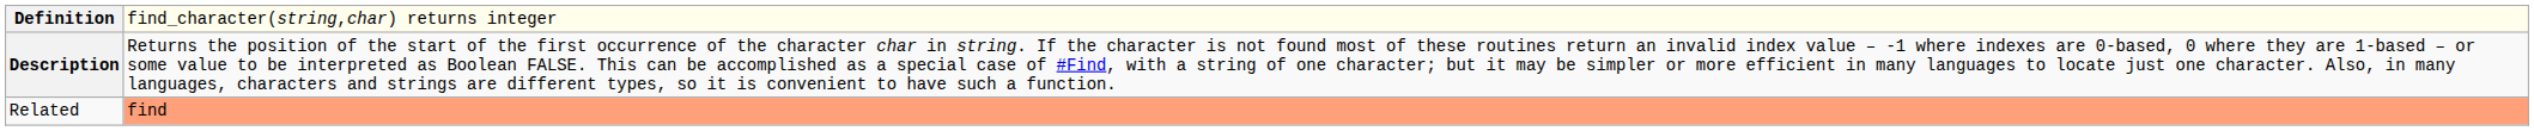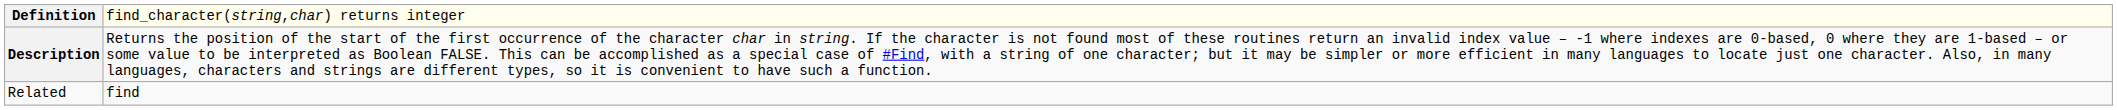 <table class="wikitable">
 <tr style="background:#fffeed;">
 <th>Definition</th>
 <td><code>find_character(<em>string</em>,<em>char</em>)</code> returns integer</td>
 </tr>
 <tr>
 <th>Description</th>
 <td>Returns the position of the start of the first occurrence of the character <em>char</em> in <em>string</em>. If the character is not found most of these routines return an invalid index value – -1 where indexes are 0-based, 0 where they are 1-based – or some value to be interpreted as Boolean FALSE. This can be accomplished as a special case of <a href='#'>#Find</a>, with a string of one character; but it may be simpler or more efficient in many languages to locate just one character. Also, in many languages, characters and strings are different types, so it is convenient to have such a function.</td>
 </tr>
 <tr>
 <td>Related</td>
-<td style="background: lightsalmon;">find</td>
+<td>find</td>
 </tr>
 </table>
